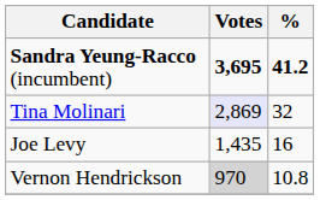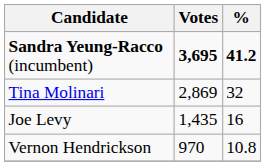 <table class="wikitable">
 <tr>
 <th bgcolor="#DDDDFF" width="150px">Candidate</th>
 <th bgcolor="#DDDDFF">Votes</th>
 <th bgcolor="#DDDDFF">%</th>
 </tr>
 <tr>
 <td><strong>Sandra Yeung-Racco</strong> (incumbent)</td>
 <td><strong>3,695</strong></td>
 <td><strong>41.2</strong></td>
 </tr>
 <tr>
 <td><a href='#'>Tina Molinari</a></td>
-<td style="background: lavender;">2,869</td>
+<td>2,869</td>
 <td>32</td>
 </tr>
 <tr>
 <td>Joe Levy</td>
 <td>1,435</td>
 <td>16</td>
 </tr>
 <tr>
 <td>Vernon Hendrickson</td>
-<td style="background: lightgrey;">970</td>
+<td>970</td>
 <td>10.8</td>
 </tr>
 <tr>
 </tr>
 </table>
